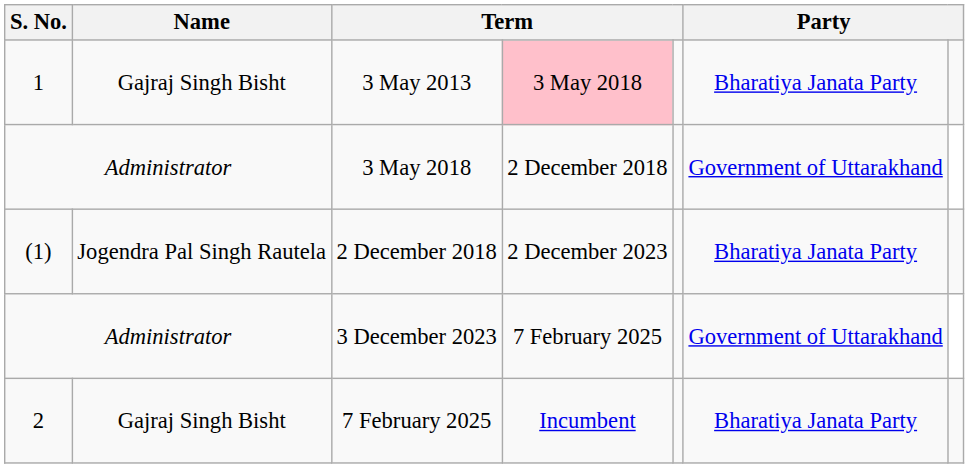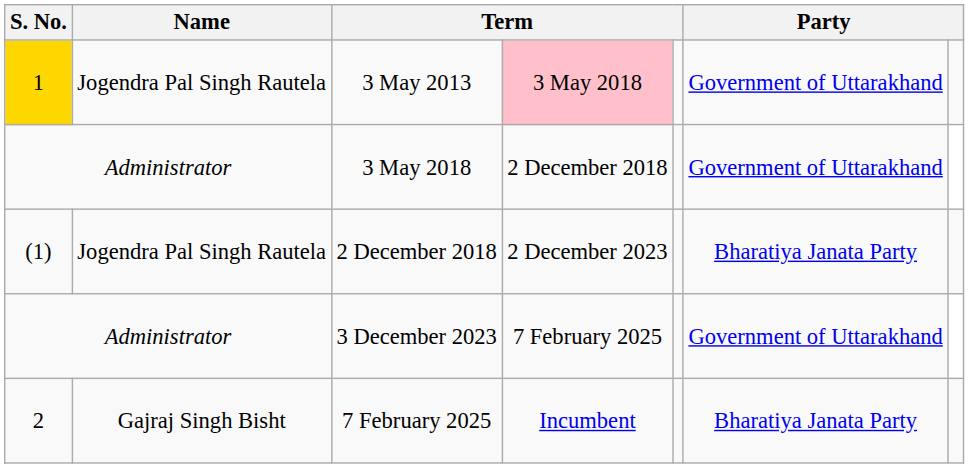 <table class="wikitable sortable">
 <tr>
 <th scope="col">S. No.</th>
 <th>Name</th>
 <th colspan=3>Term</th>
 <th colspan=2>Party</th>
 </tr>
 <tr style="text-align:center; height:60px;">
-<td>1</td>
-<td>Gajraj Singh Bisht</td>
+<td style="background: gold;">1</td>
+<td>Jogendra Pal Singh Rautela</td>
 <td>3 May 2013</td>
 <td style="background: pink;">3 May 2018</td>
 <td></td>
-<td><a href='#'>Bharatiya Janata Party</a></td>
+<td><a href='#'>Government of Uttarakhand</a></td>
 <td width="4px" style="background-color: "></td>
 </tr>
 <tr style="text-align:center; height:60px;">
 <td colspan=2><em>Administrator</em></td>
 <td>3 May 2018</td>
 <td>2 December 2018</td>
 <td></td>
 <td><a href='#'>Government of Uttarakhand</a></td>
 <td style="background-color: white"></td>
 </tr>
 <tr style="text-align:center; height:60px;">
 <td>(1)</td>
 <td>Jogendra Pal Singh Rautela</td>
 <td>2 December 2018</td>
 <td>2 December 2023</td>
 <td></td>
 <td><a href='#'>Bharatiya Janata Party</a></td>
 <td width="4px" style="background-color: "></td>
 </tr>
 <tr style="text-align:center; height:60px;">
 <td colspan=2><em>Administrator</em></td>
 <td>3 December 2023</td>
 <td>7 February 2025</td>
 <td></td>
 <td><a href='#'>Government of Uttarakhand</a></td>
 <td style="background-color: white"></td>
 </tr>
 <tr style="text-align:center; height:60px;">
 <td>2</td>
 <td>Gajraj Singh Bisht</td>
 <td>7 February 2025</td>
 <td><a href='#'>Incumbent</a></td>
 <td></td>
 <td><a href='#'>Bharatiya Janata Party</a></td>
 <td width="4px" style="background-color: "></td>
 </tr>
 </table>
